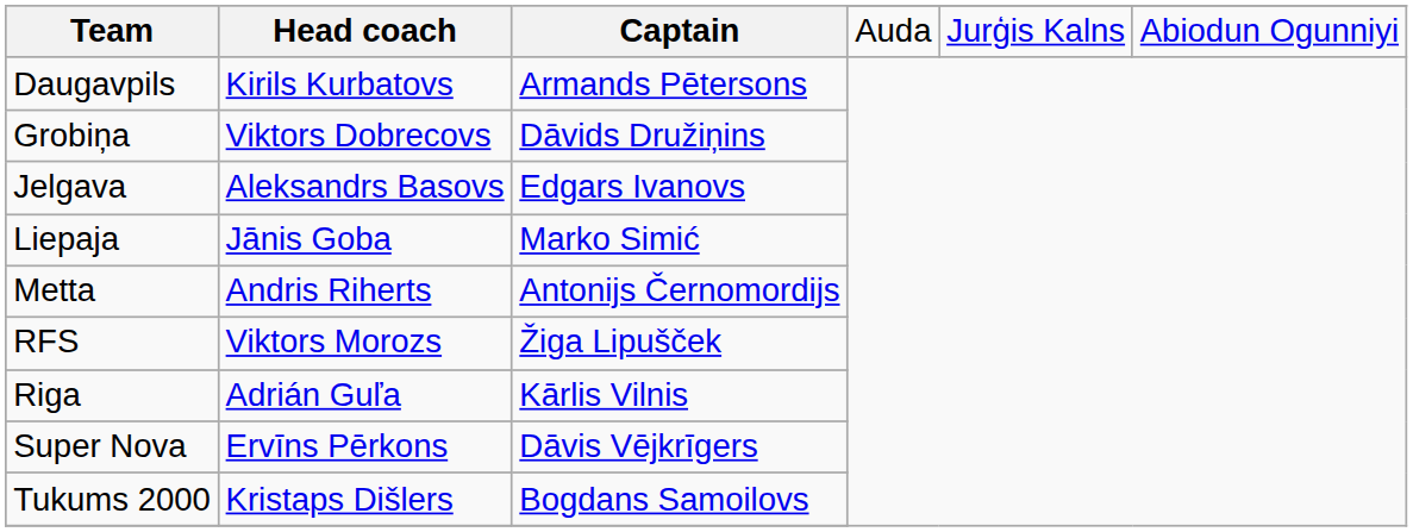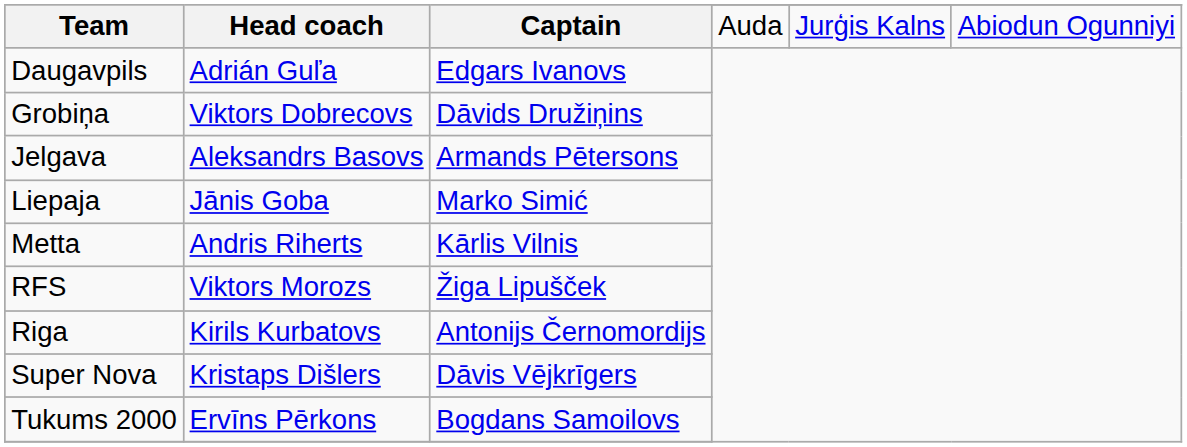 <table class="wikitable sortable" style="text-align: left;">
 <tr>
 <th rowspan="2">Team</th>
 <th rowspan="2">Head coach</th>
 <th rowspan="2">Captain</th>
 </tr>
 <tr>
 <td>Auda</td>
 <td> <a href='#'>Jurģis Kalns</a></td>
 <td> <a href='#'>Abiodun Ogunniyi</a></td>
 </tr>
 <tr>
 <td>Daugavpils</td>
-<td> <a href='#'>Kirils Kurbatovs</a></td>
-<td> <a href='#'>Armands Pētersons</a></td>
+<td> <a href='#'>Adrián Guľa</a></td>
+<td> <a href='#'>Edgars Ivanovs</a></td>
 </tr>
 <tr>
 <td>Grobiņa</td>
 <td> <a href='#'>Viktors Dobrecovs</a></td>
 <td> <a href='#'>Dāvids Družiņins</a></td>
 </tr>
 <tr>
 <td>Jelgava</td>
 <td> <a href='#'>Aleksandrs Basovs</a></td>
-<td> <a href='#'>Edgars Ivanovs</a></td>
+<td> <a href='#'>Armands Pētersons</a></td>
 </tr>
 <tr>
 <td>Liepaja</td>
 <td> <a href='#'>Jānis Goba</a></td>
 <td> <a href='#'>Marko Simić</a></td>
 </tr>
 <tr>
 <td>Metta</td>
 <td> <a href='#'>Andris Riherts</a></td>
-<td> <a href='#'>Antonijs Černomordijs</a></td>
+<td> <a href='#'>Kārlis Vilnis</a></td>
 </tr>
 <tr>
 <td>RFS</td>
 <td> <a href='#'>Viktors Morozs</a></td>
 <td> <a href='#'>Žiga Lipušček</a></td>
 </tr>
 <tr>
 <td>Riga</td>
-<td> <a href='#'>Adrián Guľa</a></td>
-<td> <a href='#'>Kārlis Vilnis</a></td>
+<td> <a href='#'>Kirils Kurbatovs</a></td>
+<td> <a href='#'>Antonijs Černomordijs</a></td>
 </tr>
 <tr>
 <td>Super Nova</td>
-<td> <a href='#'>Ervīns Pērkons</a></td>
+<td> <a href='#'>Kristaps Dišlers</a></td>
 <td> <a href='#'>Dāvis Vējkrīgers</a></td>
 </tr>
 <tr>
 <td>Tukums 2000</td>
-<td> <a href='#'>Kristaps Dišlers</a></td>
+<td> <a href='#'>Ervīns Pērkons</a></td>
 <td> <a href='#'>Bogdans Samoilovs</a></td>
 </tr>
 <tr>
 </tr>
 </table>
